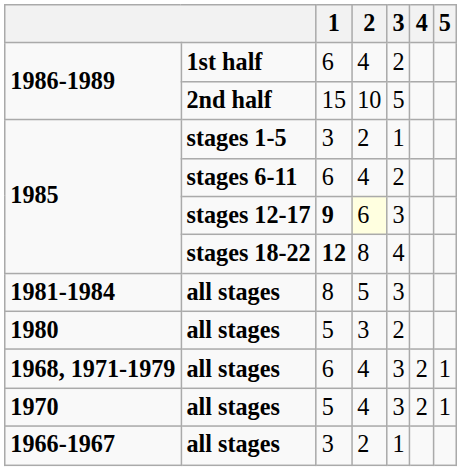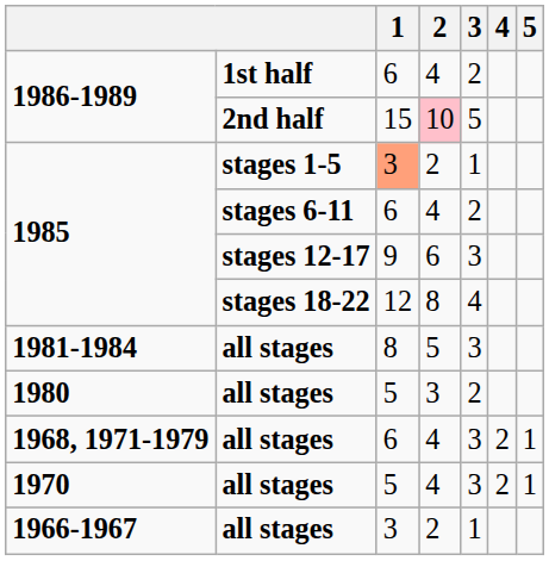 <table class="wikitable">
 <tr>
 <th colspan="2"></th>
 <th>1</th>
 <th>2</th>
 <th>3</th>
 <th>4</th>
 <th>5</th>
 </tr>
 <tr>
 <td rowspan="2"><strong>1986-1989</strong></td>
 <td><strong>1st half</strong></td>
 <td>6</td>
 <td>4</td>
 <td>2</td>
 <td></td>
 <td></td>
 </tr>
 <tr>
 <td><strong>2nd half</strong></td>
 <td>15</td>
-<td>10</td>
+<td style="background: pink;">10</td>
 <td>5</td>
 <td></td>
 <td></td>
 </tr>
 <tr>
 <td rowspan="4"><strong>1985</strong></td>
 <td><strong>stages 1-5</strong></td>
-<td>3</td>
+<td style="background: lightsalmon;">3</td>
 <td>2</td>
 <td>1</td>
 <td></td>
 <td></td>
 </tr>
 <tr>
 <td><strong>stages 6-11</strong></td>
 <td>6</td>
 <td>4</td>
 <td>2</td>
 <td></td>
 <td></td>
 </tr>
 <tr>
 <td><strong>stages 12-17</strong></td>
-<td><strong>9</strong></td>
-<td style="background: lightyellow;">6</td>
+<td>9</td>
+<td>6</td>
 <td>3</td>
 <td></td>
 <td></td>
 </tr>
 <tr>
 <td><strong>stages 18-22</strong></td>
-<td><strong>12</strong></td>
+<td>12</td>
 <td>8</td>
 <td>4</td>
 <td></td>
 <td></td>
 </tr>
 <tr>
 <td><strong>1981-1984</strong></td>
 <td><strong>all stages</strong></td>
 <td>8</td>
 <td>5</td>
 <td>3</td>
 <td></td>
 <td></td>
 </tr>
 <tr>
 <td><strong>1980</strong> </td>
 <td><strong>all stages</strong></td>
 <td>5</td>
 <td>3</td>
 <td>2</td>
 <td></td>
 <td></td>
 </tr>
 <tr>
 <td><strong>1968, 1971-1979</strong></td>
 <td><strong>all stages</strong></td>
 <td>6</td>
 <td>4</td>
 <td>3</td>
 <td>2</td>
 <td>1</td>
 </tr>
 <tr>
 <td><strong>1970 </strong></td>
 <td><strong>all stages</strong></td>
 <td>5</td>
 <td>4</td>
 <td>3</td>
 <td>2</td>
 <td>1</td>
 </tr>
 <tr>
 <td><strong>1966-1967</strong> </td>
 <td><strong>all stages</strong></td>
 <td>3</td>
 <td>2</td>
 <td>1</td>
 <td></td>
 <td></td>
 </tr>
 </table>
